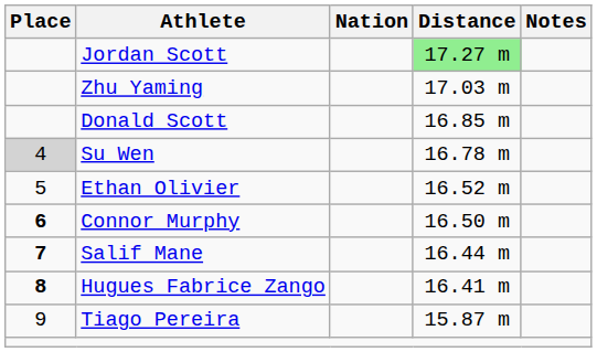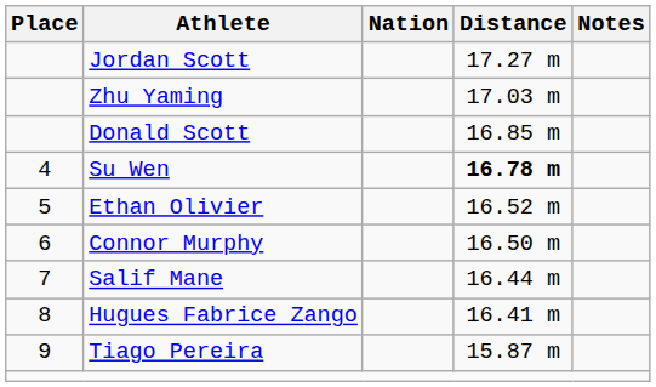 <table class="wikitable mw-datatable sortable" style="text-align:center;">
 <tr>
 <th scope="col">Place</th>
 <th scope="col">Athlete</th>
 <th scope="col">Nation</th>
 <th scope="col">Distance</th>
 <th scope="col">Notes</th>
 </tr>
 <tr>
 <td></td>
 <td align="left"><a href='#'>Jordan Scott</a></td>
 <td align="left"></td>
-<td style="background: lightgreen;">17.27 m </td>
+<td>17.27 m </td>
 <td></td>
 </tr>
 <tr>
 <td></td>
 <td align="left"><a href='#'>Zhu Yaming</a></td>
 <td align="left"></td>
 <td>17.03 m </td>
 <td></td>
 </tr>
 <tr>
 <td></td>
 <td align="left"><a href='#'>Donald Scott</a></td>
 <td align="left"></td>
 <td>16.85 m </td>
 <td></td>
 </tr>
 <tr>
-<td style="background: lightgrey;">4</td>
+<td>4</td>
 <td align="left"><a href='#'>Su Wen</a></td>
 <td align="left"></td>
-<td>16.78 m </td>
+<td><strong>16.78 m </strong></td>
 <td></td>
 </tr>
 <tr>
 <td>5</td>
 <td align="left"><a href='#'>Ethan Olivier</a></td>
 <td align="left"></td>
 <td>16.52 m </td>
 <td></td>
 </tr>
 <tr>
-<td><strong>6</strong></td>
+<td>6</td>
 <td align="left"><a href='#'>Connor Murphy</a></td>
 <td align="left"></td>
 <td>16.50 m </td>
 <td></td>
 </tr>
 <tr>
-<td><strong>7</strong></td>
+<td>7</td>
 <td align="left"><a href='#'>Salif Mane</a></td>
 <td align="left"></td>
 <td>16.44 m </td>
 <td></td>
 </tr>
 <tr>
-<td><strong>8</strong></td>
+<td>8</td>
 <td align="left"><a href='#'>Hugues Fabrice Zango</a></td>
 <td align="left"></td>
 <td>16.41 m </td>
 <td></td>
 </tr>
 <tr>
 <td>9</td>
 <td align="left"><a href='#'>Tiago Pereira</a></td>
 <td align="left"></td>
 <td>15.87 m </td>
 <td></td>
 </tr>
 <tr class="sortbottom">
 <td colspan="5"></td>
 </tr>
 </table>
